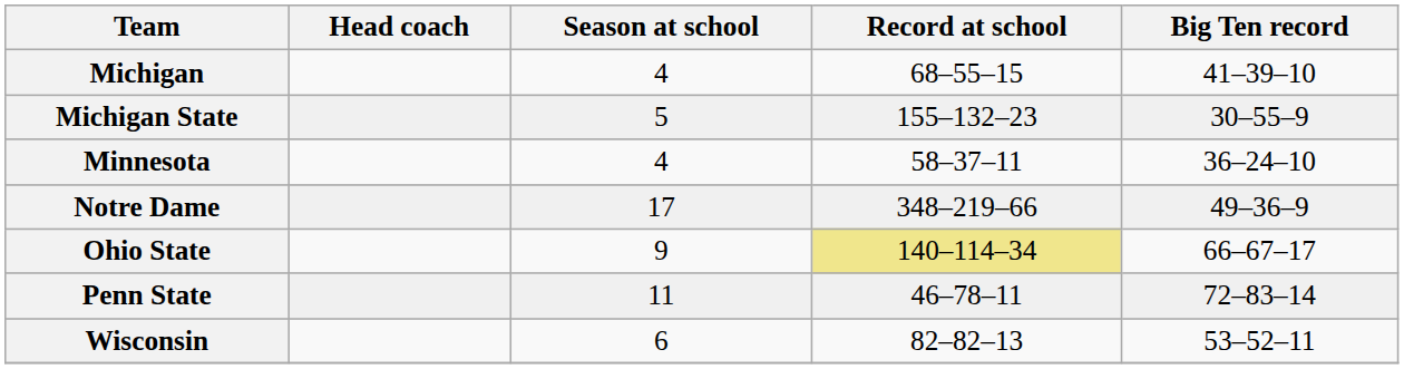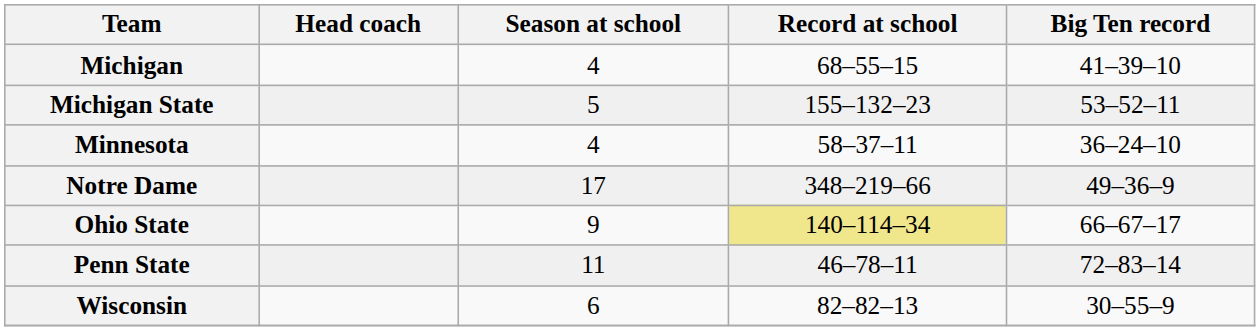 <table class="wikitable sortable" style="text-align: center; "width=50%">
 <tr>
 <th>Team</th>
 <th>Head coach</th>
 <th>Season at school</th>
 <th>Record at school</th>
 <th>Big Ten record</th>
 </tr>
 <tr>
 <th>Michigan</th>
 <td></td>
 <td>4</td>
 <td>68–55–15</td>
 <td>41–39–10</td>
 </tr>
 <tr bgcolor=f0f0f0>
 <th>Michigan State</th>
 <td></td>
 <td>5</td>
 <td>155–132–23</td>
-<td>30–55–9</td>
+<td>53–52–11</td>
 </tr>
 <tr>
 <th>Minnesota</th>
 <td></td>
 <td>4</td>
 <td>58–37–11</td>
 <td>36–24–10</td>
 </tr>
 <tr bgcolor=f0f0f0>
 <th>Notre Dame</th>
 <td></td>
 <td>17</td>
 <td>348–219–66</td>
 <td>49–36–9</td>
 </tr>
 <tr>
 <th>Ohio State</th>
 <td></td>
 <td>9</td>
 <td style="background: khaki;">140–114–34</td>
 <td>66–67–17</td>
 </tr>
 <tr bgcolor=f0f0f0>
 <th>Penn State</th>
 <td></td>
 <td>11</td>
 <td>46–78–11</td>
 <td>72–83–14</td>
 </tr>
 <tr>
 <th>Wisconsin</th>
 <td></td>
 <td>6</td>
 <td>82–82–13</td>
-<td>53–52–11</td>
+<td>30–55–9</td>
 </tr>
 <tr>
 </tr>
 </table>
